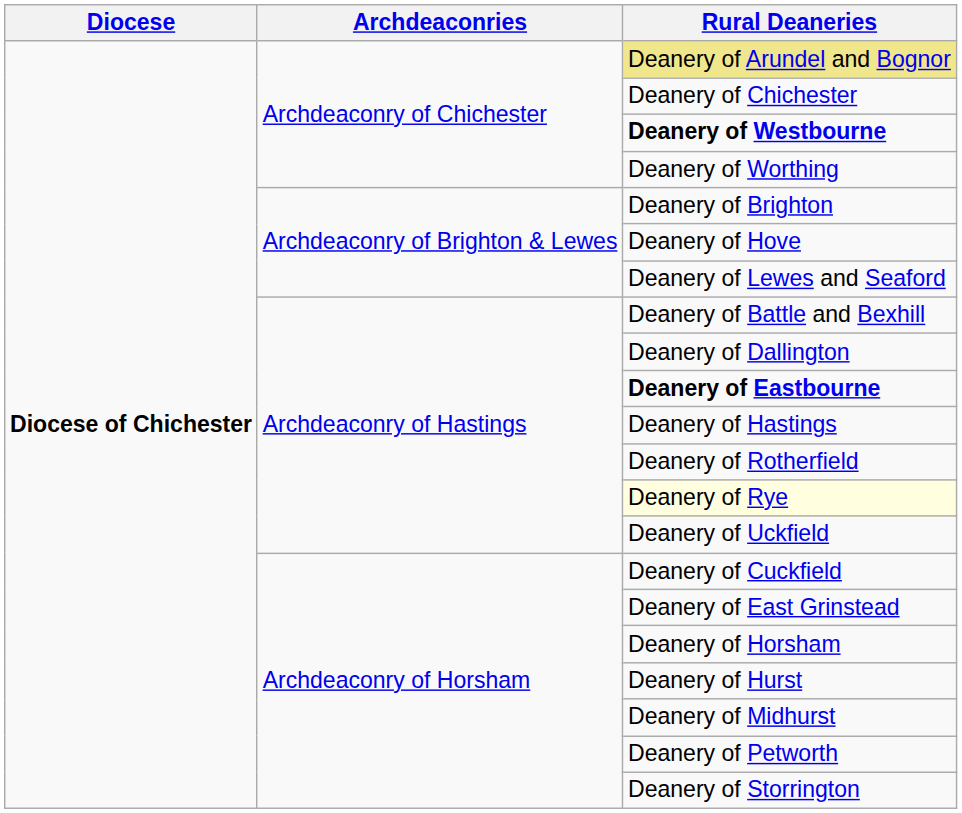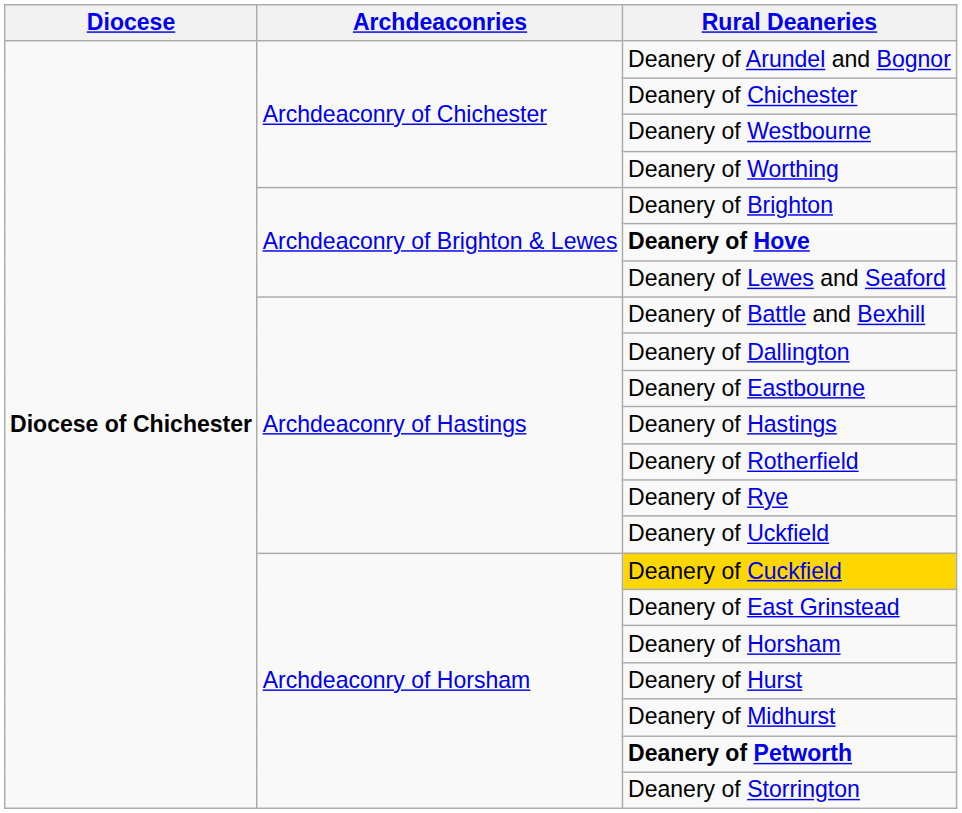 <table class="wikitable sortable">
 <tr>
 <th><a href='#'>Diocese</a></th>
 <th><a href='#'>Archdeaconries</a></th>
 <th><a href='#'>Rural Deaneries</a></th>
 </tr>
 <tr>
 <td rowspan="21"><strong>Diocese of Chichester</strong></td>
 <td rowspan="4"><a href='#'>Archdeaconry of Chichester</a></td>
-<td style="background: khaki;">Deanery of <a href='#'>Arundel</a> and <a href='#'>Bognor</a></td>
+<td>Deanery of <a href='#'>Arundel</a> and <a href='#'>Bognor</a></td>
 </tr>
 <tr>
 <td>Deanery of <a href='#'>Chichester</a></td>
 </tr>
 <tr>
-<td><strong>Deanery of <a href='#'>Westbourne</a></strong></td>
+<td>Deanery of <a href='#'>Westbourne</a></td>
 </tr>
 <tr>
 <td>Deanery of <a href='#'>Worthing</a></td>
 </tr>
 <tr>
 <td rowspan="3"><a href='#'>Archdeaconry of Brighton & Lewes</a></td>
 <td>Deanery of <a href='#'>Brighton</a></td>
 </tr>
 <tr>
-<td>Deanery of <a href='#'>Hove</a></td>
+<td><strong>Deanery of <a href='#'>Hove</a></strong></td>
 </tr>
 <tr>
 <td>Deanery of <a href='#'>Lewes</a> and <a href='#'>Seaford</a></td>
 </tr>
 <tr>
 <td rowspan="7"><a href='#'>Archdeaconry of Hastings</a></td>
 <td>Deanery of <a href='#'>Battle</a> and <a href='#'>Bexhill</a></td>
 </tr>
 <tr>
 <td>Deanery of <a href='#'>Dallington</a></td>
 </tr>
 <tr>
-<td><strong>Deanery of <a href='#'>Eastbourne</a></strong></td>
+<td>Deanery of <a href='#'>Eastbourne</a></td>
 </tr>
 <tr>
 <td>Deanery of <a href='#'>Hastings</a></td>
 </tr>
 <tr>
 <td>Deanery of <a href='#'>Rotherfield</a></td>
 </tr>
 <tr>
-<td style="background: lightyellow;">Deanery of <a href='#'>Rye</a></td>
+<td>Deanery of <a href='#'>Rye</a></td>
 </tr>
 <tr>
 <td>Deanery of <a href='#'>Uckfield</a></td>
 </tr>
 <tr>
 <td rowspan="7"><a href='#'>Archdeaconry of Horsham</a></td>
-<td>Deanery of <a href='#'>Cuckfield</a></td>
+<td style="background: gold;">Deanery of <a href='#'>Cuckfield</a></td>
 </tr>
 <tr>
 <td>Deanery of <a href='#'>East Grinstead</a></td>
 </tr>
 <tr>
 <td>Deanery of <a href='#'>Horsham</a></td>
 </tr>
 <tr>
 <td>Deanery of <a href='#'>Hurst</a></td>
 </tr>
 <tr>
 <td>Deanery of <a href='#'>Midhurst</a></td>
 </tr>
 <tr>
-<td>Deanery of <a href='#'>Petworth</a></td>
+<td><strong>Deanery of <a href='#'>Petworth</a></strong></td>
 </tr>
 <tr>
 <td>Deanery of <a href='#'>Storrington</a></td>
 </tr>
 </table>
